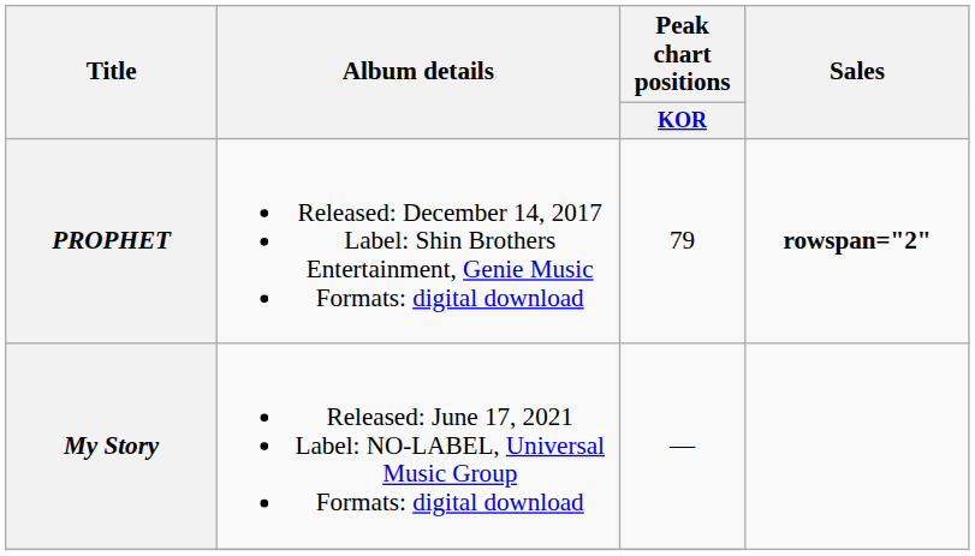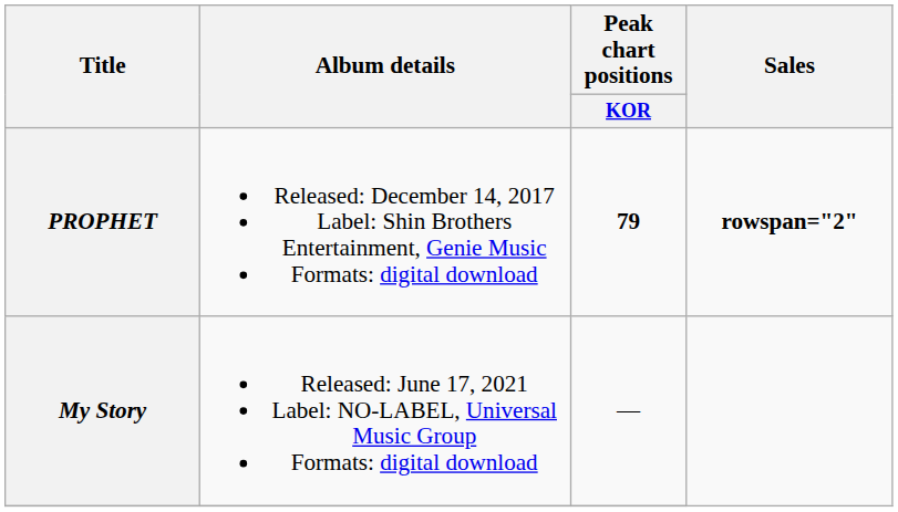 <table class="wikitable plainrowheaders" style="text-align:center;">
 <tr>
 <th scope="col" rowspan="2" style="width:10em;">Title</th>
 <th scope="col" rowspan="2" style="width:20em;">Album details</th>
 <th scope="col" colspan="1" style="width:5em;">Peak chart positions</th>
 <th scope="col" rowspan="2" style="width:10em;">Sales</th>
 </tr>
 <tr>
 <th style="width:3em;font-size:85%;"><a href='#'>KOR</a><br></th>
 </tr>
 <tr>
 <th scope="row"><em>PROPHET</em></th>
 <td><br><ul><li>Released: December 14, 2017</li><li>Label: Shin Brothers Entertainment, <a href='#'>Genie Music</a></li><li>Formats: <a href='#'>digital download</a></li></ul></td>
-<td>79</td>
+<td><strong>79</strong></td>
 <td><strong>rowspan="2" </strong></td>
 </tr>
 <tr>
 <th scope="row"><em>My Story</em></th>
 <td><br><ul><li>Released: June 17, 2021</li><li>Label: NO-LABEL, <a href='#'>Universal Music Group</a></li><li>Formats: <a href='#'>digital download</a></li></ul></td>
 <td>—</td>
 </tr>
 <tr>
 </tr>
 </table>
